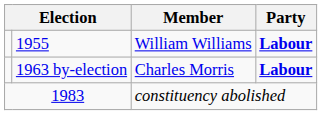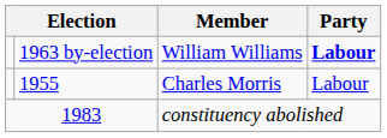 <table class="wikitable">
 <tr>
 <th colspan="2">Election</th>
 <th>Member</th>
 <th>Party</th>
 </tr>
 <tr>
 <td style="color:inherit;background-color: "></td>
-<td><a href='#'>1955</a></td>
+<td><a href='#'>1963 by-election</a></td>
 <td><a href='#'>William Williams</a></td>
 <td><strong><a href='#'>Labour</a></strong></td>
 </tr>
 <tr>
 <td style="color:inherit;background-color: "></td>
-<td><a href='#'>1963 by-election</a></td>
+<td><a href='#'>1955</a></td>
 <td><a href='#'>Charles Morris</a></td>
-<td><strong><a href='#'>Labour</a></strong></td>
+<td><a href='#'>Labour</a></td>
 </tr>
 <tr>
 <td colspan="2" align="center"><a href='#'>1983</a></td>
 <td colspan="2"><em>constituency abolished</em></td>
 </tr>
 </table>
